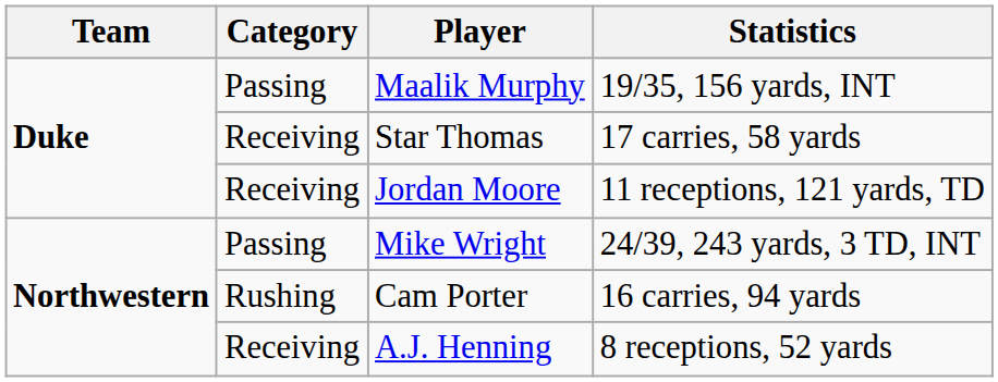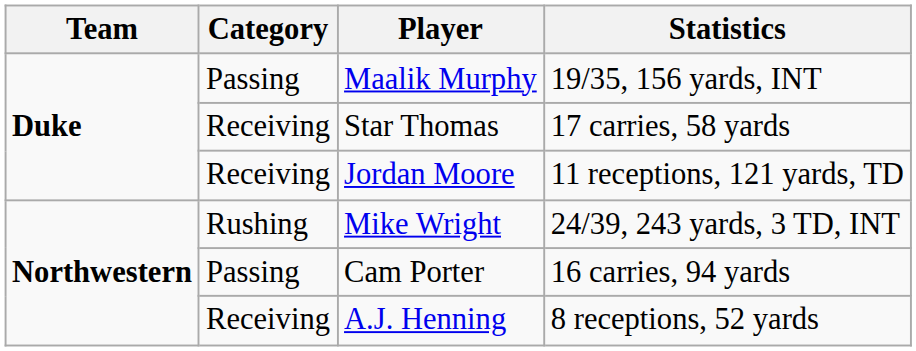 <table class="wikitable" style="float: right;">
 <tr>
 <th>Team</th>
 <th>Category</th>
 <th>Player</th>
 <th>Statistics</th>
 </tr>
 <tr>
 <td rowspan=3><strong>Duke</strong></td>
 <td>Passing</td>
 <td><a href='#'>Maalik Murphy</a></td>
 <td>19/35, 156 yards, INT</td>
 </tr>
 <tr>
 <td>Receiving</td>
 <td>Star Thomas</td>
 <td>17 carries, 58 yards</td>
 </tr>
 <tr>
 <td>Receiving</td>
 <td><a href='#'>Jordan Moore</a></td>
 <td>11 receptions, 121 yards, TD</td>
 </tr>
 <tr>
 <td rowspan=3><strong>Northwestern</strong></td>
-<td>Passing</td>
+<td>Rushing</td>
 <td><a href='#'>Mike Wright</a></td>
 <td>24/39, 243 yards, 3 TD, INT</td>
 </tr>
 <tr>
-<td>Rushing</td>
+<td>Passing</td>
 <td>Cam Porter</td>
 <td>16 carries, 94 yards</td>
 </tr>
 <tr>
 <td>Receiving</td>
 <td><a href='#'>A.J. Henning</a></td>
 <td>8 receptions, 52 yards</td>
 </tr>
 </table>
